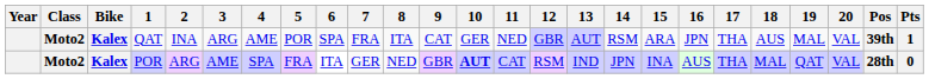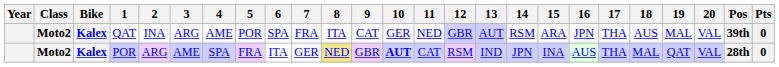 <table class="wikitable" style="text-align:center">
 <tr>
 <th>Year</th>
 <th>Class</th>
 <th>Bike</th>
 <th>1</th>
 <th>2</th>
 <th>3</th>
 <th>4</th>
 <th>5</th>
 <th>6</th>
 <th>7</th>
 <th>8</th>
 <th>9</th>
 <th>10</th>
 <th>11</th>
 <th>12</th>
 <th>13</th>
 <th>14</th>
 <th>15</th>
 <th>16</th>
 <th>17</th>
 <th>18</th>
 <th>19</th>
 <th>20</th>
 <th>Pos</th>
 <th>Pts</th>
 </tr>
 <tr>
 <th></th>
 <th>Moto2</th>
 <th><a href='#'>Kalex</a></th>
 <td style="background:#;"><a href='#'>QAT</a><br></td>
 <td style="background:#;"><a href='#'>INA</a><br></td>
 <td style="background:#;"><a href='#'>ARG</a><br></td>
 <td style="background:#;"><a href='#'>AME</a><br></td>
 <td style="background:#;"><a href='#'>POR</a><br></td>
 <td style="background:#;"><a href='#'>SPA</a><br></td>
 <td style="background:#;"><a href='#'>FRA</a><br></td>
 <td style="background:#;"><a href='#'>ITA</a><br></td>
 <td style="background:#;"><a href='#'>CAT</a><br></td>
 <td style="background:#;"><a href='#'>GER</a><br></td>
 <td style="background:#;"><a href='#'>NED</a><br></td>
 <td style="background:#cfcfff;"><a href='#'>GBR</a><br></td>
 <td style="background:#cfcfff;"><a href='#'>AUT</a><br></td>
 <td style="background:#;"><a href='#'>RSM</a><br></td>
 <td style="background:#;"><a href='#'>ARA</a><br></td>
 <td style="background:#;"><a href='#'>JPN</a><br></td>
 <td style="background:#;"><a href='#'>THA</a><br></td>
 <td style="background:#;"><a href='#'>AUS</a><br></td>
 <td style="background:#;"><a href='#'>MAL</a><br></td>
 <td style="background:#;"><a href='#'>VAL</a><br></td>
 <th>39th</th>
-<th>1</th>
+<th>0</th>
 </tr>
 <tr>
 <th></th>
 <th>Moto2</th>
 <th><a href='#'>Kalex</a></th>
 <td style="background:#cfcfff;"><a href='#'>POR</a><br></td>
 <td style="background:#efcfff;"><a href='#'>ARG</a><br></td>
 <td style="background:#cfcfff;"><a href='#'>AME</a><br></td>
 <td style="background:#cfcfff;"><a href='#'>SPA</a><br></td>
 <td style="background:#efcfff;"><a href='#'>FRA</a><br></td>
 <td style="background:#ffffff;"><a href='#'>ITA</a><br></td>
 <td><a href='#'>GER</a></td>
-<td><a href='#'>NED</a></td>
+<td style="background: khaki;"><a href='#'>NED</a></td>
 <td style="background:#efcfff;"><a href='#'>GBR</a><br></td>
 <td style="background:#cfcfff;"><strong><a href='#'>AUT</a><br></strong></td>
 <td style="background:#cfcfff;"><a href='#'>CAT</a><br></td>
 <td style="background:#efcfff;"><a href='#'>RSM</a><br></td>
 <td style="background:#cfcfff;"><a href='#'>IND</a><br></td>
 <td style="background:#cfcfff;"><a href='#'>JPN</a><br></td>
 <td style="background:#cfcfff;"><a href='#'>INA</a><br></td>
 <td style="background:#dfffdf;"><a href='#'>AUS</a><br></td>
 <td style="background:#cfcfff;"><a href='#'>THA</a><br></td>
 <td style="background:#cfcfff;"><a href='#'>MAL</a><br></td>
 <td style="background:#cfcfff;"><a href='#'>QAT</a><br></td>
 <td style="background:#cfcfff;"><a href='#'>VAL</a><br></td>
 <th>28th</th>
 <th>0</th>
 </tr>
 </table>
